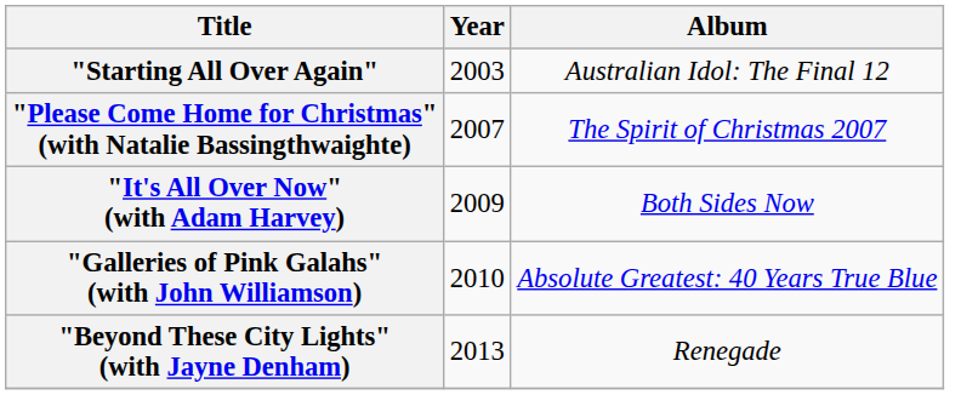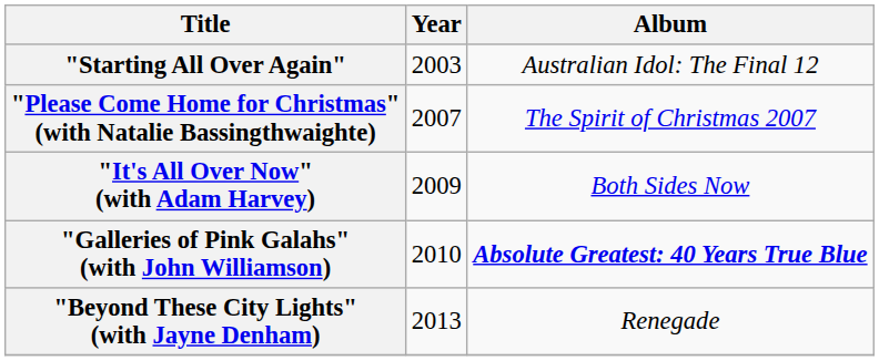 <table class="wikitable plainrowheaders" style="text-align:center;" border="1">
 <tr>
 <th scope="col">Title</th>
 <th scope="col">Year</th>
 <th scope="col">Album</th>
 </tr>
 <tr>
 <th scope="row">"Starting All Over Again"</th>
 <td>2003</td>
 <td><em>Australian Idol: The Final 12</em></td>
 </tr>
 <tr>
 <th scope="row">"<a href='#'>Please Come Home for Christmas</a>"<br><span>(with Natalie Bassingthwaighte)</span></th>
 <td>2007</td>
 <td><em><a href='#'>The Spirit of Christmas 2007</a></em></td>
 </tr>
 <tr>
 <th scope="row">"<a href='#'>It's All Over Now</a>"<br><span>(with <a href='#'>Adam Harvey</a>)</span></th>
 <td>2009</td>
 <td><em><a href='#'>Both Sides Now</a></em></td>
 </tr>
 <tr>
 <th scope="row">"Galleries of Pink Galahs"<br><span>(with <a href='#'>John Williamson</a>)</span></th>
 <td>2010</td>
-<td><em><a href='#'>Absolute Greatest: 40 Years True Blue</a></em></td>
+<td><strong><em><a href='#'>Absolute Greatest: 40 Years True Blue</a></em></strong></td>
 </tr>
 <tr>
 <th scope="row">"Beyond These City Lights"<br><span>(with <a href='#'>Jayne Denham</a>)</span></th>
 <td>2013</td>
 <td><em>Renegade</em></td>
 </tr>
 <tr>
 </tr>
 </table>
